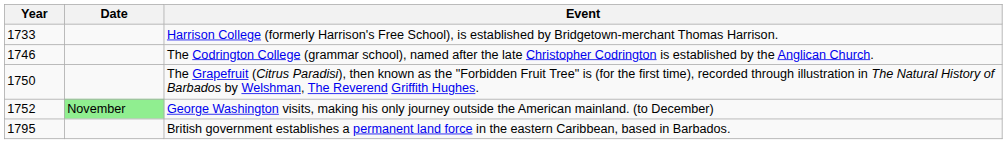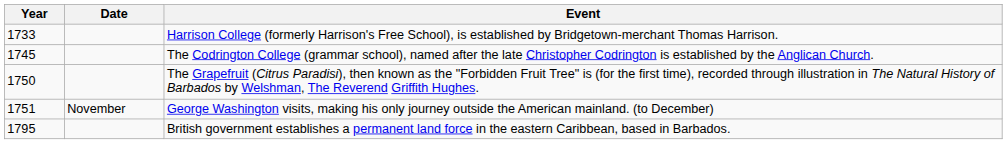 <table class="wikitable" width="100%">
 <tr>
 <th style="width:6%">Year</th>
 <th style="width:10%">Date</th>
 <th>Event</th>
 </tr>
 <tr>
 <td>1733</td>
 <td></td>
 <td><a href='#'>Harrison College</a> (formerly Harrison's Free School), is established by Bridgetown-merchant Thomas Harrison.</td>
 </tr>
 <tr>
-<td>1746</td>
+<td>1745</td>
 <td></td>
 <td>The <a href='#'>Codrington College</a> (grammar school), named after the late <a href='#'>Christopher Codrington</a> is established by the <a href='#'>Anglican Church</a>.</td>
 </tr>
 <tr>
 <td>1750</td>
 <td></td>
 <td>The <a href='#'>Grapefruit</a> (<em>Citrus Paradisi</em>), then known as the "Forbidden Fruit Tree" is (for the first time), recorded through illustration in <em>The Natural History of Barbados</em> by <a href='#'>Welshman</a>, <a href='#'>The Reverend</a> <a href='#'>Griffith Hughes</a>.</td>
 </tr>
 <tr>
-<td>1752</td>
-<td style="background: lightgreen;">November</td>
+<td>1751</td>
+<td>November</td>
 <td><a href='#'>George Washington</a> visits, making his only journey outside the American mainland. (to December)</td>
 </tr>
 <tr>
 <td>1795</td>
 <td></td>
 <td>British government establishes a <a href='#'>permanent land force</a> in the eastern Caribbean, based in Barbados.</td>
 </tr>
 </table>
